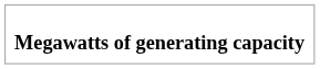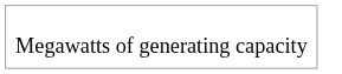 <table style="border:solid 1px #aaa;" cellpadding="7" cellspacing="0">
 <tr>
 <td></td>
 </tr>
 <tr>
-<td><strong>Megawatts of generating capacity</strong></td>
+<td>Megawatts of generating capacity</td>
 </tr>
 </table>
